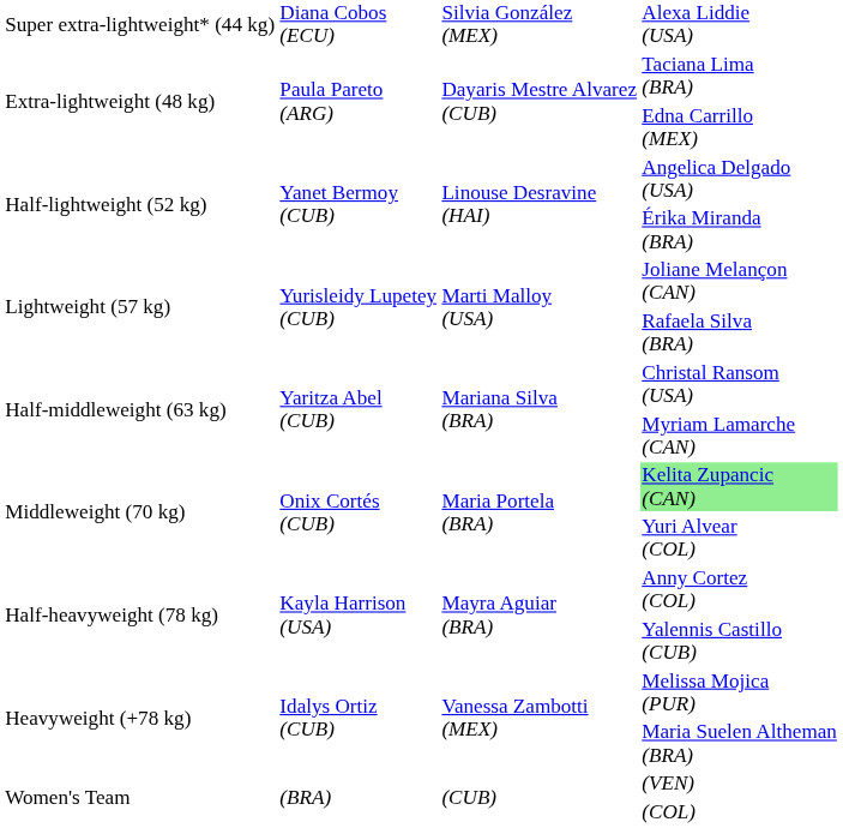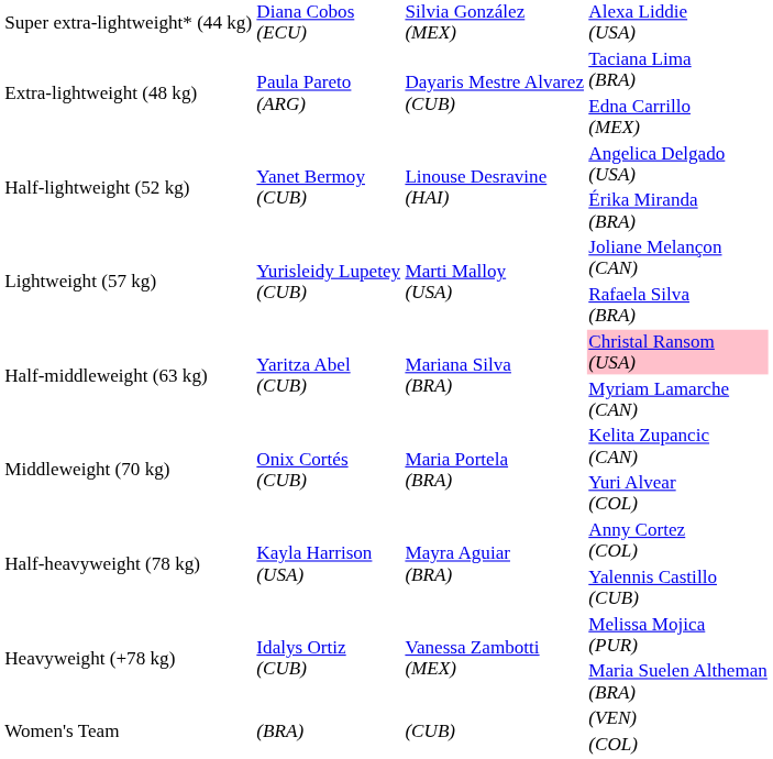 <table>
 <tr>
 <td>Super extra-lightweight* (44 kg)</td>
 <td><a href='#'>Diana Cobos</a><br> <em> (ECU)</em></td>
 <td><a href='#'>Silvia González</a><br> <em> (MEX)</em></td>
 <td><a href='#'>Alexa Liddie</a><br> <em> (USA)</em></td>
 </tr>
 <tr>
 <td rowspan=2>Extra-lightweight (48 kg)</td>
 <td rowspan=2><a href='#'>Paula Pareto</a><br> <em> (ARG)</em></td>
 <td rowspan=2><a href='#'>Dayaris Mestre Alvarez</a> <br> <em> (CUB)</em></td>
 <td><a href='#'>Taciana Lima</a> <br> <em> (BRA)</em></td>
 </tr>
 <tr>
 <td><a href='#'>Edna Carrillo</a> <br> <em> (MEX)</em></td>
 </tr>
 <tr>
 <td rowspan=2>Half-lightweight (52 kg)</td>
 <td rowspan=2><a href='#'>Yanet Bermoy</a><br> <em> (CUB)</em></td>
 <td rowspan=2><a href='#'>Linouse Desravine</a> <br> <em> (HAI)</em></td>
 <td><a href='#'>Angelica Delgado</a> <br> <em> (USA)</em></td>
 </tr>
 <tr>
 <td><a href='#'>Érika Miranda</a> <br> <em> (BRA)</em></td>
 </tr>
 <tr>
 <td rowspan=2>Lightweight (57 kg)</td>
 <td rowspan=2><a href='#'>Yurisleidy Lupetey</a><br> <em> (CUB)</em></td>
 <td rowspan=2><a href='#'>Marti Malloy</a> <br> <em> (USA)</em></td>
 <td><a href='#'>Joliane Melançon</a> <br> <em> (CAN)</em></td>
 </tr>
 <tr>
 <td><a href='#'>Rafaela Silva</a> <br> <em> (BRA)</em></td>
 </tr>
 <tr>
 <td rowspan=2>Half-middleweight (63 kg)</td>
 <td rowspan=2><a href='#'>Yaritza Abel</a><br> <em> (CUB)</em></td>
 <td rowspan=2><a href='#'>Mariana Silva</a> <br> <em> (BRA)</em></td>
-<td><a href='#'>Christal Ransom</a> <br> <em> (USA)</em></td>
+<td style="background: pink;"><a href='#'>Christal Ransom</a> <br> <em> (USA)</em></td>
 </tr>
 <tr>
 <td><a href='#'>Myriam Lamarche</a> <br> <em> (CAN)</em></td>
 </tr>
 <tr>
 <td rowspan=2>Middleweight (70 kg)</td>
 <td rowspan=2><a href='#'>Onix Cortés</a><br> <em> (CUB)</em></td>
 <td rowspan=2><a href='#'>Maria Portela</a> <br> <em> (BRA)</em></td>
-<td style="background: lightgreen;"><a href='#'>Kelita Zupancic</a> <br> <em> (CAN)</em></td>
+<td><a href='#'>Kelita Zupancic</a> <br> <em> (CAN)</em></td>
 </tr>
 <tr>
 <td><a href='#'>Yuri Alvear</a> <br> <em> (COL)</em></td>
 </tr>
 <tr>
 <td rowspan=2>Half-heavyweight (78 kg)</td>
 <td rowspan=2><a href='#'>Kayla Harrison</a><br> <em> (USA)</em></td>
 <td rowspan=2><a href='#'>Mayra Aguiar</a> <br> <em> (BRA)</em></td>
 <td><a href='#'>Anny Cortez</a> <br> <em> (COL)</em></td>
 </tr>
 <tr>
 <td><a href='#'>Yalennis Castillo</a> <br> <em> (CUB)</em></td>
 </tr>
 <tr>
 <td rowspan=2>Heavyweight (+78 kg)</td>
 <td rowspan=2><a href='#'>Idalys Ortiz</a><br> <em> (CUB)</em></td>
 <td rowspan=2><a href='#'>Vanessa Zambotti</a> <br> <em> (MEX)</em></td>
 <td><a href='#'>Melissa Mojica</a> <br> <em> (PUR)</em></td>
 </tr>
 <tr>
 <td><a href='#'>Maria Suelen Altheman</a> <br> <em> (BRA)</em></td>
 </tr>
 <tr>
 <td rowspan=2>Women's Team</td>
 <td rowspan=2><em> (BRA)</em></td>
 <td rowspan=2><em> (CUB)</em></td>
 <td><em> (VEN)</em></td>
 </tr>
 <tr>
 <td><em> (COL)</em></td>
 </tr>
 <tr>
 </tr>
 </table>
